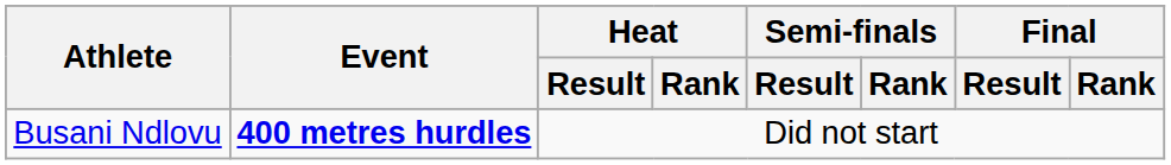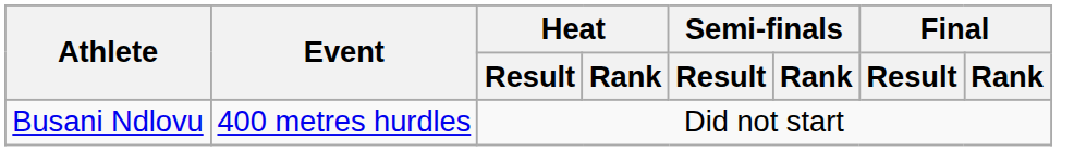 <table class="wikitable" style="font-size:90%; text-align:center">
 <tr>
 <th rowspan="2">Athlete</th>
 <th rowspan="2">Event</th>
 <th colspan="2">Heat</th>
 <th colspan="2">Semi-finals</th>
 <th colspan="2">Final</th>
 </tr>
 <tr>
 <th>Result</th>
 <th>Rank</th>
 <th>Result</th>
 <th>Rank</th>
 <th>Result</th>
 <th>Rank</th>
 </tr>
 <tr>
 <td align="left"><a href='#'>Busani Ndlovu</a></td>
-<td align="left"><strong><a href='#'>400 metres hurdles</a></strong></td>
+<td align="left"><a href='#'>400 metres hurdles</a></td>
 <td colspan="6">Did not start</td>
 </tr>
 </table>
